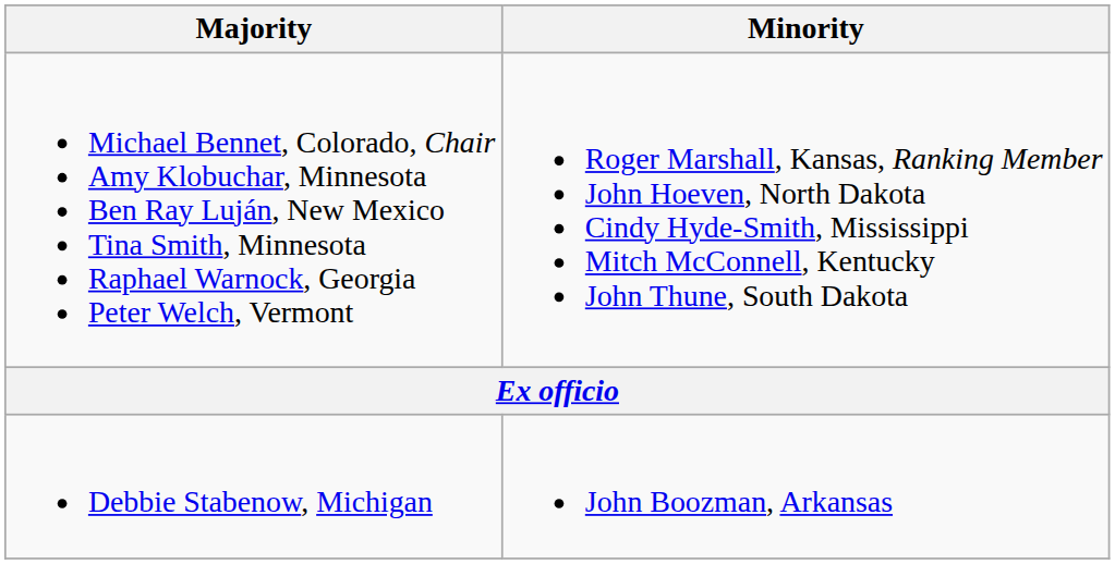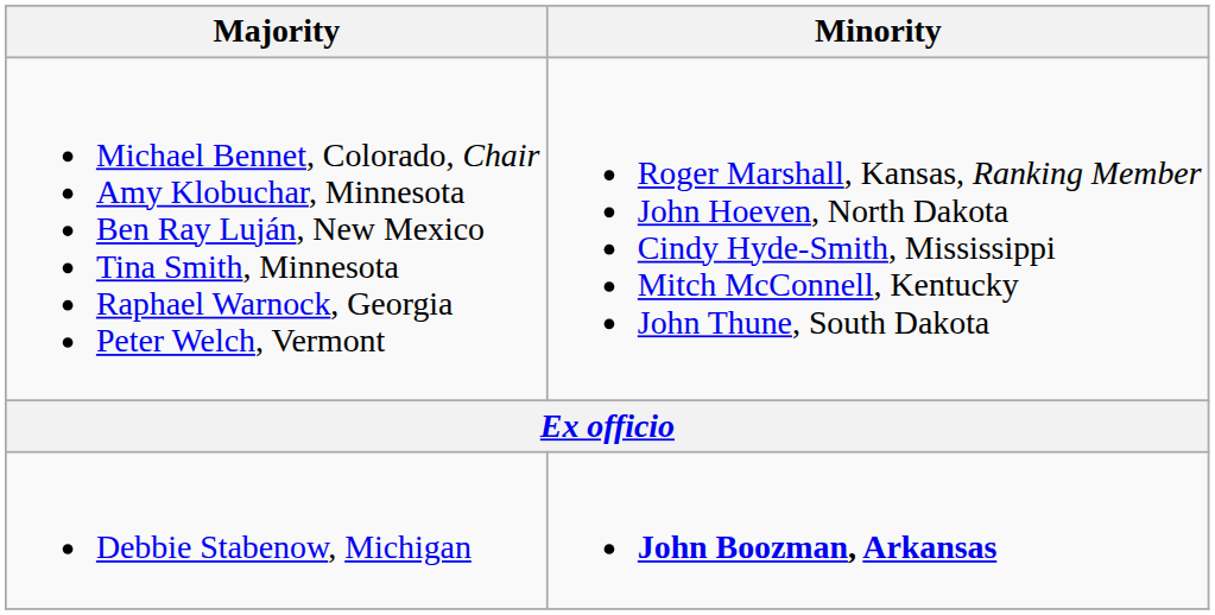 <table class=wikitable>
 <tr>
 <th>Majority</th>
 <th>Minority</th>
 </tr>
 <tr>
 <td><br><ul><li><a href='#'>Michael Bennet</a>, Colorado, <em>Chair</em></li><li><a href='#'>Amy Klobuchar</a>, Minnesota</li><li><a href='#'>Ben Ray Luján</a>, New Mexico</li><li><a href='#'>Tina Smith</a>, Minnesota</li><li><a href='#'>Raphael Warnock</a>, Georgia</li><li><a href='#'>Peter Welch</a>, Vermont</li></ul></td>
 <td><br><ul><li><a href='#'>Roger Marshall</a>, Kansas, <em>Ranking Member</em></li><li><a href='#'>John Hoeven</a>, North Dakota</li><li><a href='#'>Cindy Hyde-Smith</a>, Mississippi</li><li><a href='#'>Mitch McConnell</a>, Kentucky</li><li><a href='#'>John Thune</a>, South Dakota</li></ul></td>
 </tr>
 <tr>
 <th colspan=2><em><a href='#'>Ex officio</a></em></th>
 </tr>
 <tr>
 <td><br><ul><li><a href='#'>Debbie Stabenow</a>, <a href='#'>Michigan</a></li></ul></td>
-<td><br><ul><li><a href='#'>John Boozman</a>, <a href='#'>Arkansas</a></li></ul></td>
+<td><strong><br><ul><li><a href='#'>John Boozman</a>, <a href='#'>Arkansas</a></li></ul></strong></td>
 </tr>
 </table>
